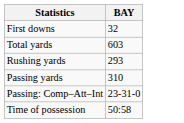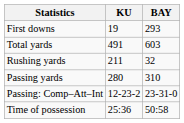 <table class="wikitable" style="float: left;">
 <tr>
 <th>Statistics</th>
+<th>KU</th>
 <th>BAY</th>
 </tr>
 <tr>
 <td>First downs</td>
-<td>32</td>
+<td>19</td>
+<td>293</td>
 </tr>
 <tr>
 <td>Total yards</td>
+<td>491</td>
 <td>603</td>
 </tr>
 <tr>
 <td>Rushing yards</td>
-<td>293</td>
+<td>211</td>
+<td>32</td>
 </tr>
 <tr>
 <td>Passing yards</td>
+<td>280</td>
 <td>310</td>
 </tr>
 <tr>
 <td>Passing: Comp–Att–Int</td>
+<td>12-23-2</td>
 <td>23-31-0</td>
 </tr>
 <tr>
 <td>Time of possession</td>
+<td>25:36</td>
 <td>50:58</td>
 </tr>
 </table>
